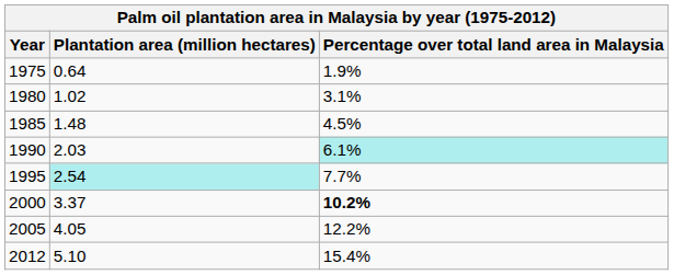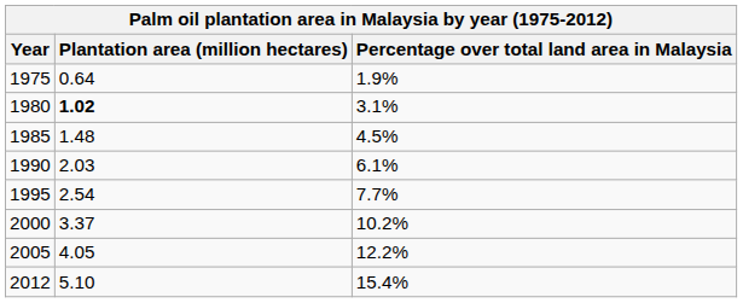 <table class="wikitable sortable">
 <tr>
 <th style="text-align:center;" colspan="3">Palm oil plantation area in Malaysia by year (1975-2012)</th>
 </tr>
 <tr>
 <th>Year</th>
 <th>Plantation area (million hectares)</th>
 <th>Percentage over total land area in Malaysia</th>
 </tr>
 <tr>
 <td>1975</td>
 <td>0.64</td>
 <td>1.9%</td>
 </tr>
 <tr>
 <td>1980</td>
-<td>1.02</td>
+<td><strong>1.02</strong></td>
 <td>3.1%</td>
 </tr>
 <tr>
 <td>1985</td>
 <td>1.48</td>
 <td>4.5%</td>
 </tr>
 <tr>
 <td>1990</td>
 <td>2.03</td>
-<td style="background: paleturquoise;">6.1%</td>
+<td>6.1%</td>
 </tr>
 <tr>
 <td>1995</td>
-<td style="background: paleturquoise;">2.54</td>
+<td>2.54</td>
 <td>7.7%</td>
 </tr>
 <tr>
 <td>2000</td>
 <td>3.37</td>
-<td><strong>10.2%</strong></td>
+<td>10.2%</td>
 </tr>
 <tr>
 <td>2005</td>
 <td>4.05</td>
 <td>12.2%</td>
 </tr>
 <tr>
 <td>2012</td>
 <td>5.10</td>
 <td>15.4%</td>
 </tr>
 </table>
